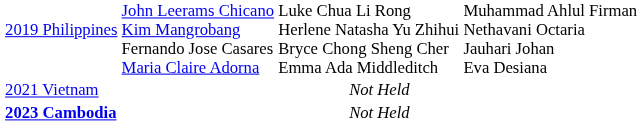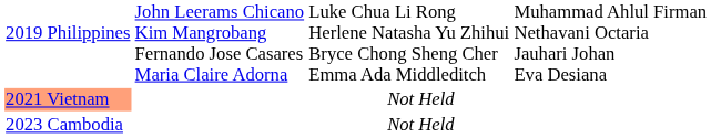 <table>
 <tr>
 <td><a href='#'>2019 Philippines</a><br></td>
 <td nowrap=true><br><a href='#'>John Leerams Chicano</a><br><a href='#'>Kim Mangrobang</a><br>Fernando Jose Casares<br><a href='#'>Maria Claire Adorna</a></td>
 <td nowrap=true><br>Luke Chua Li Rong<br>Herlene Natasha Yu Zhihui <br>Bryce Chong Sheng Cher<br>Emma Ada Middleditch</td>
 <td nowrap=true><br>Muhammad Ahlul Firman<br>Nethavani Octaria<br>Jauhari Johan<br>Eva Desiana</td>
 </tr>
 <tr>
-<td><a href='#'>2021 Vietnam</a><br></td>
+<td style="background: lightsalmon;"><a href='#'>2021 Vietnam</a><br></td>
 <td colspan=4; align=center><em>Not Held</em></td>
 </tr>
 <tr>
-<td><strong><a href='#'>2023 Cambodia</a><br></strong></td>
+<td><a href='#'>2023 Cambodia</a><br></td>
 <td colspan=4; align=center><em>Not Held</em></td>
 </tr>
 </table>
